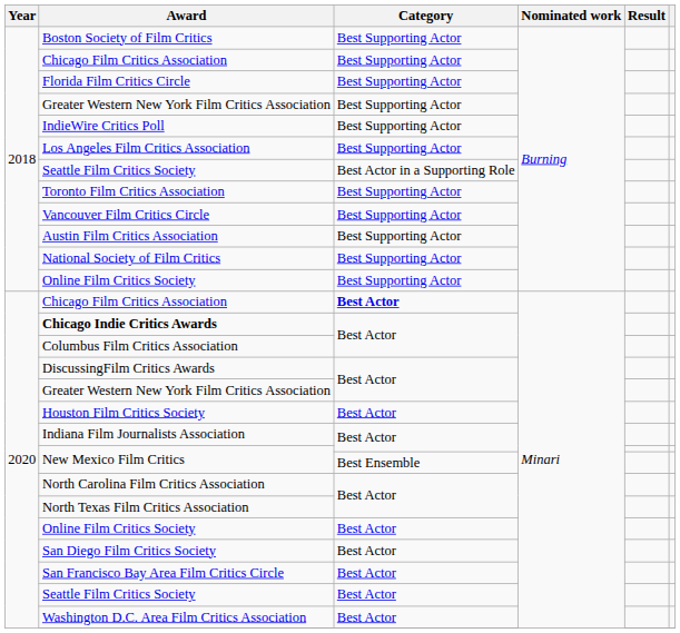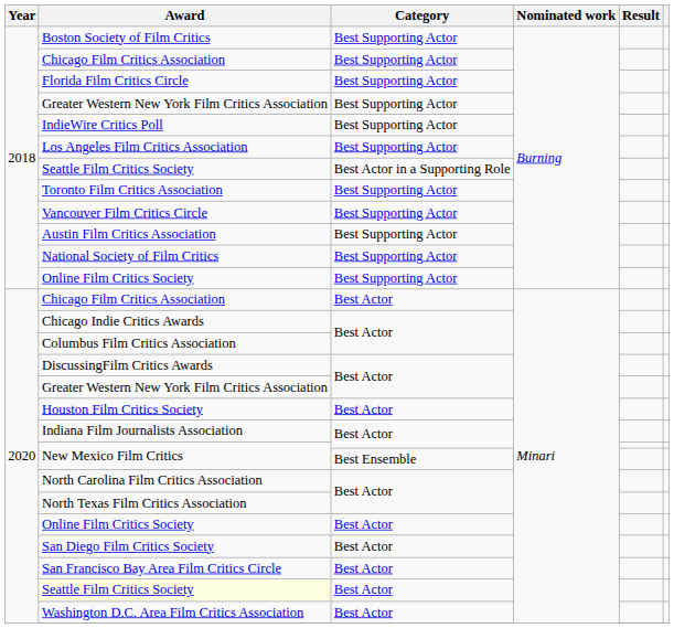 <table class="wikitable sortable">
 <tr>
 <th>Year</th>
 <th>Award</th>
 <th>Category</th>
 <th>Nominated work</th>
 <th>Result</th>
 <th class="unsortable"></th>
 </tr>
 <tr>
 <td rowspan=12>2018</td>
 <td><a href='#'>Boston Society of Film Critics</a></td>
 <td><a href='#'>Best Supporting Actor</a></td>
 <td rowspan=12><em><a href='#'>Burning</a></em></td>
 <td></td>
 <td></td>
 </tr>
 <tr>
 <td><a href='#'>Chicago Film Critics Association</a></td>
 <td><a href='#'>Best Supporting Actor</a></td>
 <td></td>
 <td></td>
 </tr>
 <tr>
 <td><a href='#'>Florida Film Critics Circle</a></td>
 <td><a href='#'>Best Supporting Actor</a></td>
 <td></td>
 <td></td>
 </tr>
 <tr>
 <td>Greater Western New York Film Critics Association</td>
 <td>Best Supporting Actor</td>
 <td></td>
 <td></td>
 </tr>
 <tr>
 <td><a href='#'>IndieWire Critics Poll</a></td>
 <td>Best Supporting Actor</td>
 <td></td>
 <td></td>
 </tr>
 <tr>
 <td><a href='#'>Los Angeles Film Critics Association</a></td>
 <td><a href='#'>Best Supporting Actor</a></td>
 <td></td>
 <td></td>
 </tr>
 <tr>
 <td><a href='#'>Seattle Film Critics Society</a></td>
 <td>Best Actor in a Supporting Role</td>
 <td></td>
 <td></td>
 </tr>
 <tr>
 <td><a href='#'>Toronto Film Critics Association</a></td>
 <td><a href='#'>Best Supporting Actor</a></td>
 <td></td>
 <td></td>
 </tr>
 <tr>
 <td><a href='#'>Vancouver Film Critics Circle</a></td>
 <td><a href='#'>Best Supporting Actor</a></td>
 <td></td>
 <td></td>
 </tr>
 <tr>
 <td><a href='#'>Austin Film Critics Association</a></td>
 <td>Best Supporting Actor</td>
 <td></td>
 <td></td>
 </tr>
 <tr>
 <td><a href='#'>National Society of Film Critics</a></td>
 <td><a href='#'>Best Supporting Actor</a></td>
 <td></td>
 <td></td>
 </tr>
 <tr>
 <td><a href='#'>Online Film Critics Society</a></td>
 <td><a href='#'>Best Supporting Actor</a></td>
 <td></td>
 <td></td>
 </tr>
 <tr>
 <td rowspan=30>2020</td>
 <td><a href='#'>Chicago Film Critics Association</a></td>
-<td><strong><a href='#'>Best Actor</a></strong></td>
+<td><a href='#'>Best Actor</a></td>
 <td rowspan=22><em>Minari</em></td>
 <td></td>
 <td></td>
 </tr>
 <tr>
-<td><strong>Chicago Indie Critics Awards</strong></td>
+<td>Chicago Indie Critics Awards</td>
 <td rowspan="2">Best Actor</td>
 <td></td>
 <td></td>
 </tr>
 <tr>
 <td>Columbus Film Critics Association</td>
 <td></td>
 <td></td>
 </tr>
 <tr>
 <td>DiscussingFilm Critics Awards</td>
 <td rowspan="2">Best Actor</td>
 <td></td>
 <td></td>
 </tr>
 <tr>
 <td>Greater Western New York Film Critics Association</td>
 <td></td>
 <td></td>
 </tr>
 <tr>
 <td><a href='#'>Houston Film Critics Society</a></td>
 <td><a href='#'>Best Actor</a></td>
 <td></td>
 <td></td>
 </tr>
 <tr>
 <td>Indiana Film Journalists Association</td>
 <td rowspan="2">Best Actor</td>
 <td></td>
 <td></td>
 </tr>
 <tr>
 <td rowspan=2>New Mexico Film Critics</td>
 <td></td>
 <td></td>
 </tr>
 <tr>
 <td>Best Ensemble</td>
 <td></td>
 <td></td>
 </tr>
 <tr>
 <td>North Carolina Film Critics Association</td>
 <td rowspan="2">Best Actor</td>
 <td></td>
 <td></td>
 </tr>
 <tr>
 <td>North Texas Film Critics Association</td>
 <td></td>
 <td></td>
 </tr>
 <tr>
 <td><a href='#'>Online Film Critics Society</a></td>
 <td><a href='#'>Best Actor</a></td>
 <td></td>
 <td></td>
 </tr>
 <tr>
 <td><a href='#'>San Diego Film Critics Society</a></td>
 <td>Best Actor</td>
 <td></td>
 <td></td>
 </tr>
 <tr>
 <td><a href='#'>San Francisco Bay Area Film Critics Circle</a></td>
 <td><a href='#'>Best Actor</a></td>
 <td></td>
 <td></td>
 </tr>
 <tr>
-<td><a href='#'>Seattle Film Critics Society</a></td>
+<td style="background: lightyellow;"><a href='#'>Seattle Film Critics Society</a></td>
 <td><a href='#'>Best Actor</a></td>
 <td></td>
 <td></td>
 </tr>
 <tr>
 <td><a href='#'>Washington D.C. Area Film Critics Association</a></td>
 <td><a href='#'>Best Actor</a></td>
 <td></td>
 <td></td>
 </tr>
 <tr>
 </tr>
 </table>
